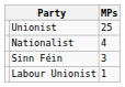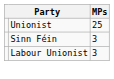 <table class="wikitable">
 <tr>
 <th colspan="2"><strong>Party</strong></th>
 <th>MPs</th>
 </tr>
 <tr>
 <td style="color:inherit;background:"></td>
 <td>Unionist</td>
 <td>25</td>
 </tr>
 <tr>
 <td style="color:inherit;background:"></td>
-<td>Nationalist</td>
-<td>4</td>
-</tr>
-<tr>
-<td style="color:inherit;background:"></td>
 <td>Sinn Féin</td>
 <td>3</td>
 </tr>
 <tr>
 <td style="color:inherit;background:"></td>
 <td>Labour Unionist</td>
-<td>1</td>
+<td>3</td>
 </tr>
 </table>
